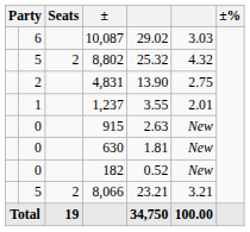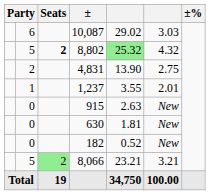 <table class=wikitable>
 <tr>
 <th colspan=2 align=center>Party</th>
 <th>Seats</th>
 <th>±</th>
 <th></th>
 <th></th>
 <th>±%</th>
 </tr>
 <tr>
 <td></td>
 <td align=right>6</td>
 <td align=right></td>
 <td align=right>10,087</td>
 <td align=right>29.02</td>
 <td align=right>3.03</td>
 </tr>
 <tr>
 <td></td>
 <td align=right>5</td>
-<td align=right> 2</td>
+<td align=right><strong> 2</strong></td>
 <td align=right>8,802</td>
-<td align=right>25.32</td>
+<td align=right style="background: lightgreen;">25.32</td>
 <td align=right>4.32</td>
 </tr>
 <tr>
 <td></td>
 <td align=right>2</td>
 <td align=right></td>
 <td align=right>4,831</td>
 <td align=right>13.90</td>
 <td align=right>2.75</td>
 </tr>
 <tr>
 <td></td>
 <td align=right>1</td>
 <td align=right></td>
 <td align=right>1,237</td>
 <td align=right>3.55</td>
 <td align=right>2.01</td>
 </tr>
 <tr>
 <td></td>
 <td align=right>0</td>
 <td align=right></td>
 <td align=right>915</td>
 <td align=right>2.63</td>
 <td align=right><em>New</em></td>
 </tr>
 <tr>
 <td></td>
 <td align=right>0</td>
 <td align=right></td>
 <td align=right>630</td>
 <td align=right>1.81</td>
 <td align=right><em>New</em></td>
 </tr>
 <tr>
 <td></td>
 <td align=right>0</td>
 <td align=right></td>
 <td align=right>182</td>
 <td align=right>0.52</td>
 <td align=right><em>New</em></td>
 </tr>
 <tr>
 <td></td>
 <td align=right>5</td>
-<td align=right> 2</td>
+<td align=right style="background: lightgreen;"> 2</td>
 <td align=right>8,066</td>
 <td align=right>23.21</td>
 <td align=right>3.21</td>
 </tr>
 <tr style="font-weight:bold; background:rgb(232,232,232);">
 <td colspan=2 align=center>Total</td>
 <td align=right>19</td>
 <td align=center></td>
 <td align=right>34,750</td>
 <td align=center>100.00</td>
 <td align=center></td>
 </tr>
 </table>
